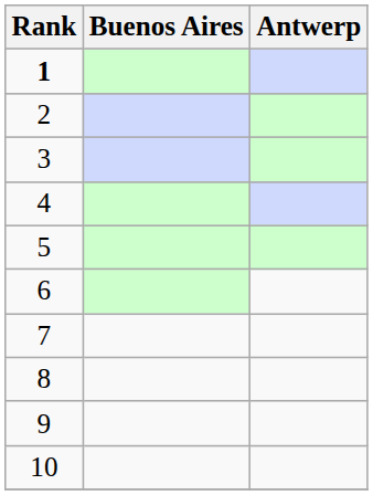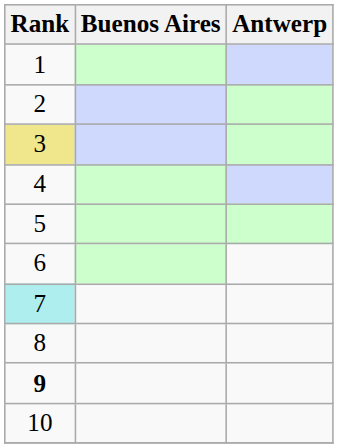 <table class=wikitable>
 <tr>
 <th>Rank</th>
 <th>Buenos Aires</th>
 <th>Antwerp</th>
 </tr>
 <tr>
-<td align=center><strong>1</strong></td>
+<td align=center>1</td>
 <td bgcolor=ccffcc></td>
 <td bgcolor=cfd9fd></td>
 </tr>
 <tr>
 <td align=center>2</td>
 <td bgcolor=cfd9fd></td>
 <td bgcolor=ccffcc></td>
 </tr>
 <tr>
-<td align=center>3</td>
+<td align=center style="background: khaki;">3</td>
 <td bgcolor=cfd9fd></td>
 <td bgcolor=ccffcc></td>
 </tr>
 <tr>
 <td align=center>4</td>
 <td bgcolor=ccffcc></td>
 <td bgcolor=cfd9fd></td>
 </tr>
 <tr>
 <td align=center>5</td>
 <td bgcolor=ccffcc></td>
 <td bgcolor=ccffcc></td>
 </tr>
 <tr>
 <td align=center>6</td>
 <td bgcolor=ccffcc></td>
 <td></td>
 </tr>
 <tr>
-<td align=center>7</td>
+<td align=center style="background: paleturquoise;">7</td>
 <td></td>
 <td></td>
 </tr>
 <tr>
 <td align=center>8</td>
 <td></td>
 <td></td>
 </tr>
 <tr>
-<td align=center>9</td>
+<td align=center><strong>9</strong></td>
 <td></td>
 <td></td>
 </tr>
 <tr>
 <td align=center>10</td>
 <td></td>
 <td></td>
 </tr>
 <tr>
 </tr>
 </table>
